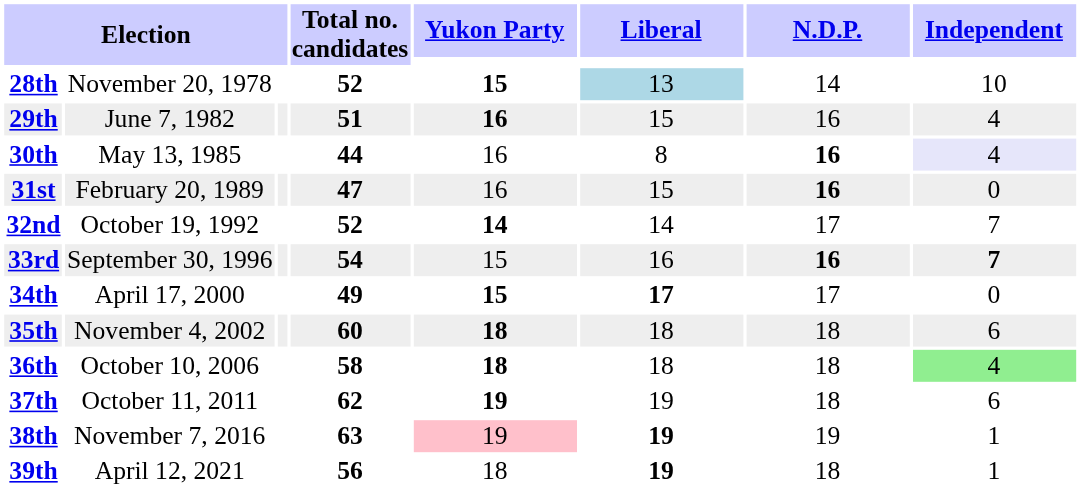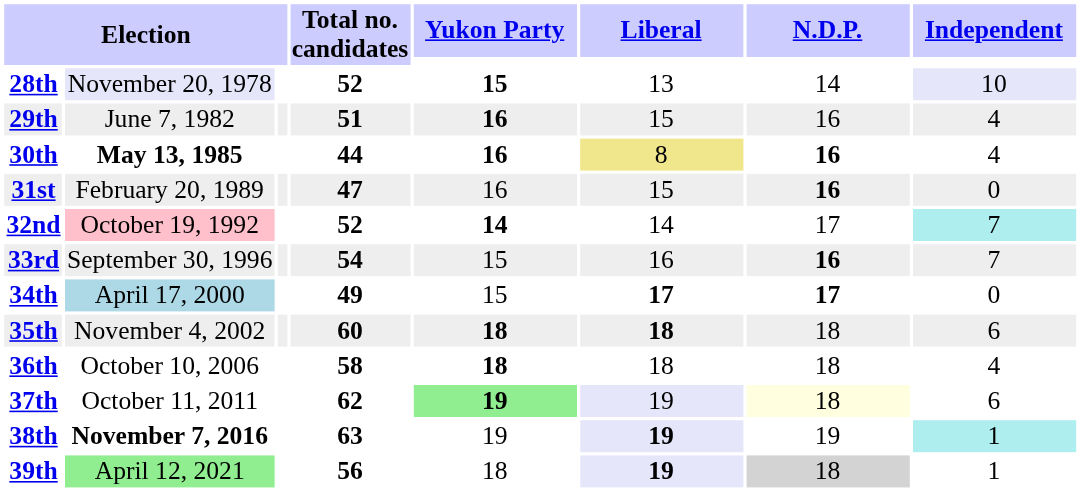 <table class="toccolours" style="margin:0 auto; clear:both; text-align:center;" border=0>
 <tr style="background:#ccccff">
 <th rowspan=2 colspan=3>Election</th>
 <th rowspan=2>Total no.<br>candidates</th>
 <th><a href='#'>Yukon Party</a></th>
 <th><a href='#'>Liberal</a></th>
 <th><a href='#'>N.D.P.</a></th>
 <th><a href='#'>Independent</a></th>
 </tr>
 <tr>
 <td></td>
 <td></td>
 <td></td>
 <td></td>
 </tr>
 <tr>
 <th><a href='#'>28th</a></th>
-<td>November 20, 1978</td>
+<td style="background: lavender;">November 20, 1978</td>
 <td> </td>
 <th>52</th>
 <th width=100>15</th>
-<td width=100 style="background: lightblue;">13</td>
+<td width=100>13</td>
 <td width=100>14</td>
-<td width=100>10</td>
+<td width=100 style="background: lavender;">10</td>
 </tr>
 <tr style="background:#eeeeee">
 <th><a href='#'>29th</a></th>
 <td>June 7, 1982</td>
 <td> </td>
 <th>51</th>
 <th>16</th>
 <td>15</td>
 <td>16</td>
 <td>4</td>
 </tr>
 <tr>
 <th><a href='#'>30th</a></th>
-<td>May 13, 1985</td>
+<td><strong>May 13, 1985</strong></td>
 <td> </td>
 <th>44</th>
-<td>16</td>
-<td>8</td>
+<td><strong>16</strong></td>
+<td style="background: khaki;">8</td>
 <th>16</th>
-<td style="background: lavender;">4</td>
+<td>4</td>
 </tr>
 <tr style="background:#eeeeee">
 <th><a href='#'>31st</a></th>
 <td>February 20, 1989</td>
 <td> </td>
 <th>47</th>
 <td>16</td>
 <td>15</td>
 <th>16</th>
 <td>0</td>
 </tr>
 <tr>
 <th><a href='#'>32nd</a></th>
-<td>October 19, 1992</td>
+<td style="background: pink;">October 19, 1992</td>
 <td> </td>
 <th>52</th>
 <th>14</th>
 <td>14</td>
 <td>17</td>
-<td>7</td>
+<td style="background: paleturquoise;">7</td>
 </tr>
 <tr style="background:#eeeeee">
 <th><a href='#'>33rd</a></th>
 <td>September 30, 1996</td>
 <td> </td>
 <th>54</th>
 <td>15</td>
 <td>16</td>
 <th>16</th>
-<td><strong>7</strong></td>
+<td>7</td>
 </tr>
 <tr>
 <th><a href='#'>34th</a></th>
-<td>April 17, 2000</td>
+<td style="background: lightblue;">April 17, 2000</td>
 <td> </td>
 <th>49</th>
-<td><strong>15</strong></td>
+<td>15</td>
 <th>17</th>
-<td>17</td>
+<td><strong>17</strong></td>
 <td>0</td>
 </tr>
 <tr style="background:#eeeeee">
 <th><a href='#'>35th</a></th>
 <td>November 4, 2002</td>
 <td> </td>
 <th>60</th>
 <th>18</th>
-<td>18</td>
+<td><strong>18</strong></td>
 <td>18</td>
 <td>6</td>
 </tr>
 <tr>
 <th><a href='#'>36th</a></th>
 <td>October 10, 2006</td>
 <td></td>
 <th>58</th>
 <th>18</th>
 <td>18</td>
 <td>18</td>
-<td style="background: lightgreen;">4</td>
+<td>4</td>
 </tr>
 <tr>
 <th><a href='#'>37th</a></th>
 <td>October 11, 2011</td>
 <td></td>
 <th>62</th>
-<td><strong>19</strong></td>
-<td>19</td>
-<td>18</td>
+<td style="background: lightgreen;"><strong>19</strong></td>
+<td style="background: lavender;">19</td>
+<td style="background: lightyellow;">18</td>
 <td>6</td>
 </tr>
 <tr>
 <th><a href='#'>38th</a></th>
-<td>November 7, 2016</td>
+<td><strong>November 7, 2016</strong></td>
 <td></td>
 <th>63</th>
-<td style="background: pink;">19</td>
-<td><strong>19</strong></td>
 <td>19</td>
-<td>1</td>
+<td style="background: lavender;"><strong>19</strong></td>
+<td>19</td>
+<td style="background: paleturquoise;">1</td>
 </tr>
 <tr>
 <th><a href='#'>39th</a></th>
-<td>April 12, 2021</td>
+<td style="background: lightgreen;">April 12, 2021</td>
 <td></td>
 <th>56</th>
 <td>18</td>
-<td><strong>19</strong></td>
-<td>18</td>
+<td style="background: lavender;"><strong>19</strong></td>
+<td style="background: lightgrey;">18</td>
 <td>1</td>
 </tr>
 </table>
